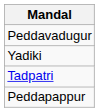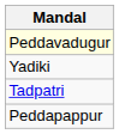 <table class="wikitable sortable static-row-numbers static-row-header-hash">
 <tr>
 <th>Mandal</th>
 </tr>
 <tr>
-<td>Peddavadugur</td>
+<td style="background: lightyellow;">Peddavadugur</td>
 </tr>
 <tr>
 <td>Yadiki</td>
 </tr>
 <tr>
 <td><a href='#'>Tadpatri</a></td>
 </tr>
 <tr>
 <td>Peddapappur</td>
 </tr>
 </table>
